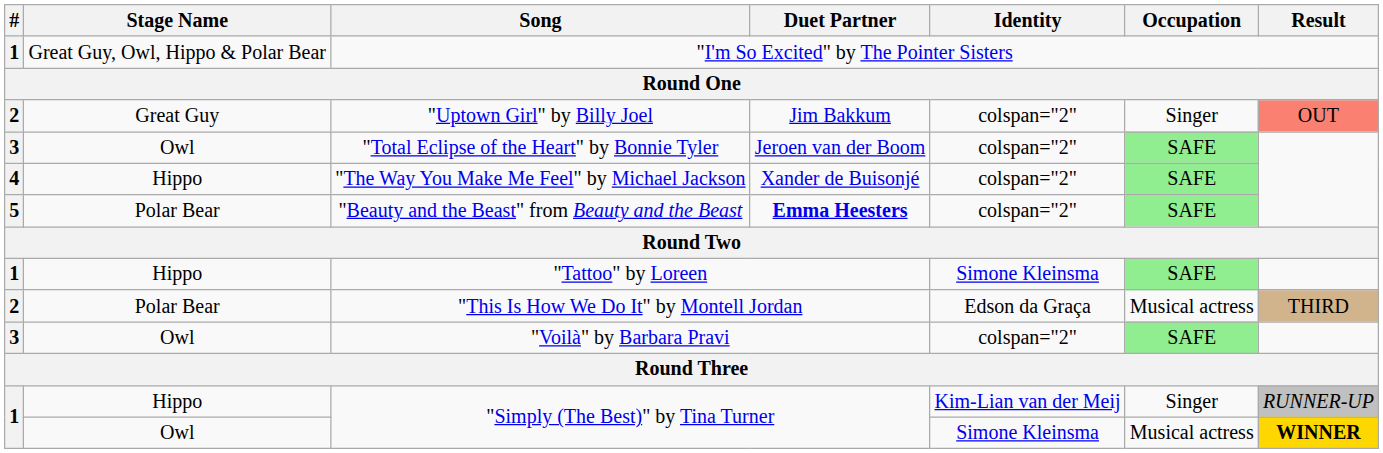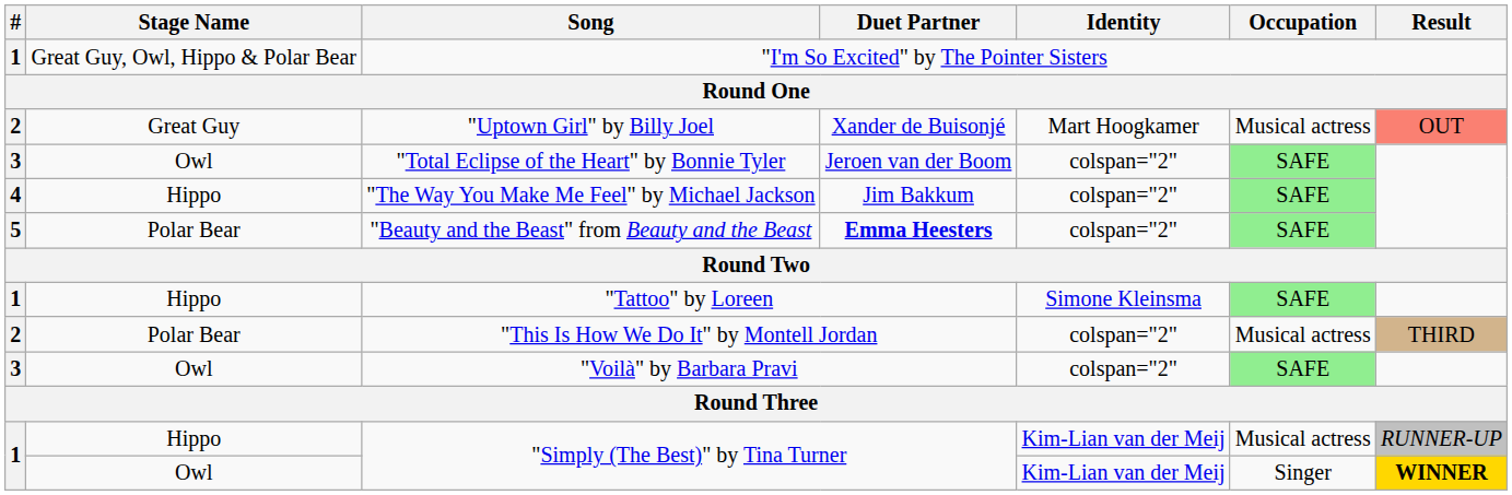 <table class="wikitable plainrowheaders" style="text-align: center;">
 <tr>
 <th><strong>#</strong></th>
 <th><strong>Stage Name</strong></th>
 <th><strong>Song</strong></th>
 <th><strong>Duet Partner</strong></th>
 <th>Identity</th>
 <th><strong>Occupation</strong></th>
 <th>Result</th>
 </tr>
 <tr>
 <th>1</th>
 <td>Great Guy, Owl, Hippo & Polar Bear</td>
 <td colspan="5">"<a href='#'>I'm So Excited</a>" by <a href='#'>The Pointer Sisters</a></td>
 </tr>
 <tr>
 <th colspan="7">Round One</th>
 </tr>
 <tr>
 <th>2</th>
 <td>Great Guy</td>
 <td>"<a href='#'>Uptown Girl</a>" by <a href='#'>Billy Joel</a></td>
-<td><a href='#'>Jim Bakkum</a></td>
-<td>colspan="2" </td>
-<td>Singer</td>
+<td><a href='#'>Xander de Buisonjé</a></td>
+<td>Mart Hoogkamer</td>
+<td>Musical actress</td>
 <td bgcolor="salmon">OUT</td>
 </tr>
 <tr>
 <th>3</th>
 <td>Owl</td>
 <td>"<a href='#'>Total Eclipse of the Heart</a>" by <a href='#'>Bonnie Tyler</a></td>
 <td><a href='#'>Jeroen van der Boom</a></td>
 <td>colspan="2" </td>
 <td bgcolor="lightgreen">SAFE</td>
 </tr>
 <tr>
 <th>4</th>
 <td>Hippo</td>
 <td>"<a href='#'>The Way You Make Me Feel</a>" by <a href='#'>Michael Jackson</a></td>
-<td><a href='#'>Xander de Buisonjé</a></td>
+<td><a href='#'>Jim Bakkum</a></td>
 <td>colspan="2" </td>
 <td bgcolor="lightgreen">SAFE</td>
 </tr>
 <tr>
 <th>5</th>
 <td>Polar Bear</td>
 <td>"<a href='#'>Beauty and the Beast</a>" from <em><a href='#'>Beauty and the Beast</a></em></td>
 <td><strong><a href='#'>Emma Heesters</a></strong></td>
 <td>colspan="2" </td>
 <td bgcolor="lightgreen">SAFE</td>
 </tr>
 <tr>
 <th colspan="7">Round Two</th>
 </tr>
 <tr>
 <th>1</th>
 <td>Hippo</td>
 <td colspan="2">"<a href='#'>Tattoo</a>" by <a href='#'>Loreen</a></td>
 <td><a href='#'>Simone Kleinsma</a></td>
 <td bgcolor="lightgreen">SAFE</td>
 </tr>
 <tr>
 <th>2</th>
 <td>Polar Bear</td>
 <td colspan="2">"<a href='#'>This Is How We Do It</a>" by <a href='#'>Montell Jordan</a></td>
-<td>Edson da Graça</td>
+<td>colspan="2" </td>
 <td>Musical actress</td>
 <td bgcolor="tan">THIRD</td>
 </tr>
 <tr>
 <th>3</th>
 <td>Owl</td>
 <td colspan="2">"<a href='#'>Voilà</a>" by <a href='#'>Barbara Pravi</a></td>
 <td>colspan="2" </td>
 <td bgcolor="lightgreen">SAFE</td>
 </tr>
 <tr>
 <th colspan="7">Round Three</th>
 </tr>
 <tr>
 <th rowspan="2">1</th>
 <td>Hippo</td>
 <td rowspan="2" colspan="2">"<a href='#'>Simply (The Best)</a>" by <a href='#'>Tina Turner</a></td>
 <td><a href='#'>Kim-Lian van der Meij</a></td>
-<td>Singer</td>
+<td>Musical actress</td>
 <td bgcolor="silver"><em>RUNNER-UP</em></td>
 </tr>
 <tr>
 <td>Owl</td>
-<td><a href='#'>Simone Kleinsma</a></td>
-<td>Musical actress</td>
+<td><a href='#'>Kim-Lian van der Meij</a></td>
+<td>Singer</td>
 <td bgcolor="gold"><strong>WINNER</strong></td>
 </tr>
 </table>
